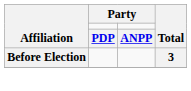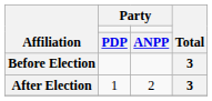 <table class=wikitable style="text-align:center">
 <tr style="vertical-align:bottom;">
 <th rowspan=3>Affiliation</th>
 <th colspan=2>Party</th>
 <th rowspan=3>Total</th>
 </tr>
 <tr>
 <td style="background-color:"></td>
 <td style="background-color:"></td>
 </tr>
 <tr>
 <th><a href='#'>PDP</a></th>
 <th><a href='#'>ANPP</a></th>
 </tr>
 <tr>
 <th>Before Election</th>
 <td></td>
 <td></td>
 <th>3</th>
 </tr>
 <tr>
+<th>After Election</th>
+<td>1</td>
+<td>2</td>
+<th>3</th>
+</tr>
+<tr>
 </tr>
 </table>
